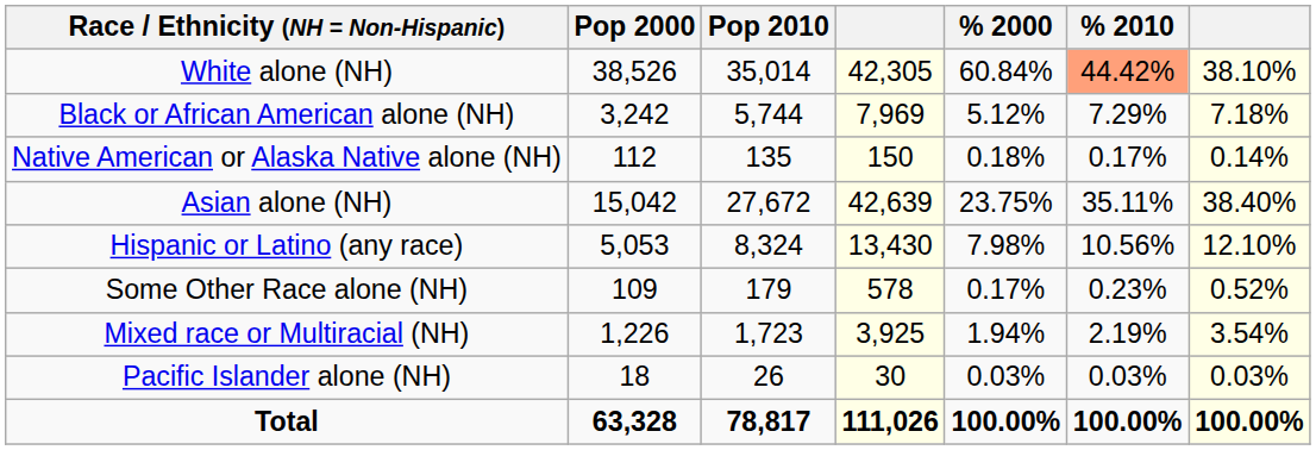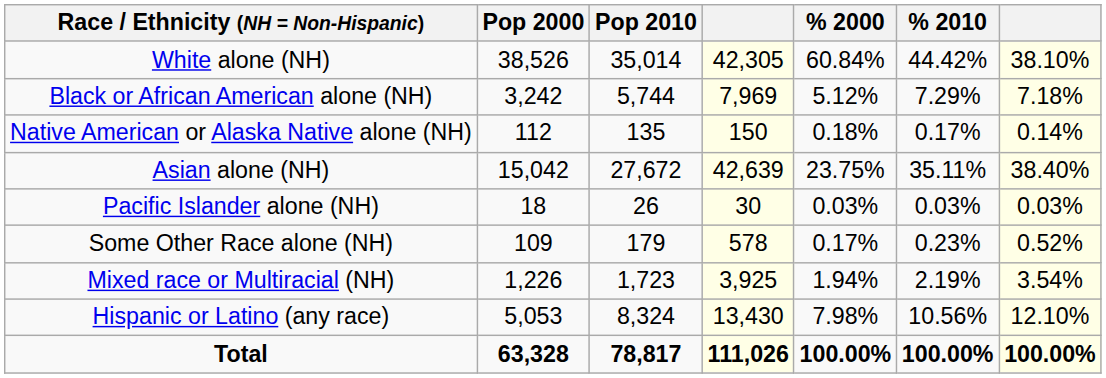 <table class="wikitable" style="text-align:center;">
 <tr>
 <th>Race / Ethnicity <small>(<em>NH = Non-Hispanic</em>)</small></th>
 <th>Pop 2000</th>
 <th>Pop 2010</th>
 <th></th>
 <th>% 2000</th>
 <th>% 2010</th>
 <th></th>
 </tr>
 <tr>
 <td><a href='#'>White</a> alone (NH)</td>
 <td>38,526</td>
 <td>35,014</td>
 <td style='background: #ffffe6;'>42,305</td>
 <td>60.84%</td>
-<td style="background: lightsalmon;">44.42%</td>
+<td>44.42%</td>
 <td style='background: #ffffe6;'>38.10%</td>
 </tr>
 <tr>
 <td><a href='#'>Black or African American</a> alone (NH)</td>
 <td>3,242</td>
 <td>5,744</td>
 <td style='background: #ffffe6;'>7,969</td>
 <td>5.12%</td>
 <td>7.29%</td>
 <td style='background: #ffffe6;'>7.18%</td>
 </tr>
 <tr>
 <td><a href='#'>Native American</a> or <a href='#'>Alaska Native</a> alone (NH)</td>
 <td>112</td>
 <td>135</td>
 <td style='background: #ffffe6;'>150</td>
 <td>0.18%</td>
 <td>0.17%</td>
 <td style='background: #ffffe6;'>0.14%</td>
 </tr>
 <tr>
 <td><a href='#'>Asian</a> alone (NH)</td>
 <td>15,042</td>
 <td>27,672</td>
 <td style='background: #ffffe6;'>42,639</td>
 <td>23.75%</td>
 <td>35.11%</td>
 <td style='background: #ffffe6;'>38.40%</td>
 </tr>
 <tr>
-<td><a href='#'>Hispanic or Latino</a> (any race)</td>
-<td>5,053</td>
-<td>8,324</td>
-<td style='background: #ffffe6;'>13,430</td>
-<td>7.98%</td>
-<td>10.56%</td>
-<td style='background: #ffffe6;'>12.10%</td>
+<td><a href='#'>Pacific Islander</a> alone (NH)</td>
+<td>18</td>
+<td>26</td>
+<td style='background: #ffffe6;'>30</td>
+<td>0.03%</td>
+<td>0.03%</td>
+<td style='background: #ffffe6;'>0.03%</td>
 </tr>
 <tr>
 <td>Some Other Race alone (NH)</td>
 <td>109</td>
 <td>179</td>
 <td style='background: #ffffe6;'>578</td>
 <td>0.17%</td>
 <td>0.23%</td>
 <td style='background: #ffffe6;'>0.52%</td>
 </tr>
 <tr>
 <td><a href='#'>Mixed race or Multiracial</a> (NH)</td>
 <td>1,226</td>
 <td>1,723</td>
 <td style='background: #ffffe6;'>3,925</td>
 <td>1.94%</td>
 <td>2.19%</td>
 <td style='background: #ffffe6;'>3.54%</td>
 </tr>
 <tr>
-<td><a href='#'>Pacific Islander</a> alone (NH)</td>
-<td>18</td>
-<td>26</td>
-<td style='background: #ffffe6;'>30</td>
-<td>0.03%</td>
-<td>0.03%</td>
-<td style='background: #ffffe6;'>0.03%</td>
+<td><a href='#'>Hispanic or Latino</a> (any race)</td>
+<td>5,053</td>
+<td>8,324</td>
+<td style='background: #ffffe6;'>13,430</td>
+<td>7.98%</td>
+<td>10.56%</td>
+<td style='background: #ffffe6;'>12.10%</td>
 </tr>
 <tr>
 <td><strong>Total</strong></td>
 <td><strong>63,328</strong></td>
 <td><strong>78,817</strong></td>
 <td style='background: #ffffe6;'><strong>111,026</strong></td>
 <td><strong>100.00%</strong></td>
 <td><strong>100.00%</strong></td>
 <td style='background: #ffffe6;'><strong>100.00%</strong></td>
 </tr>
 </table>
